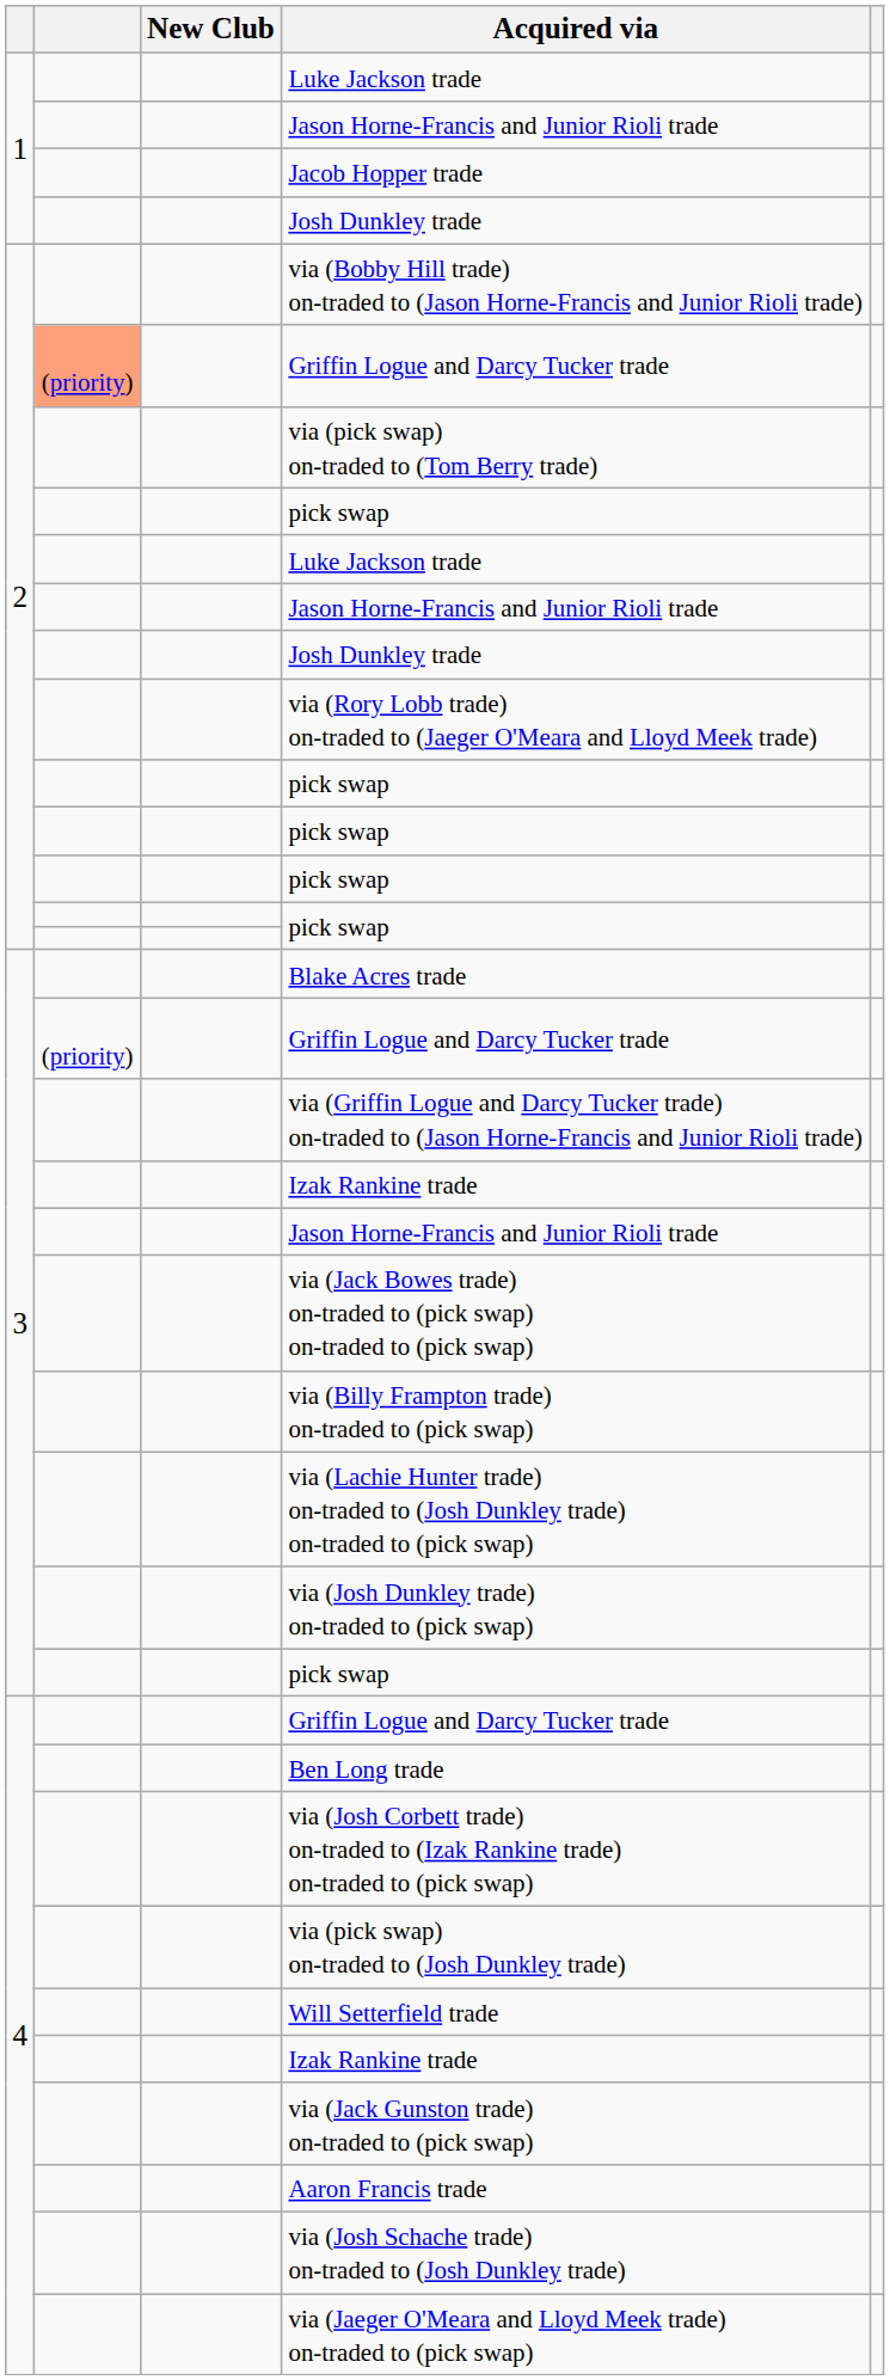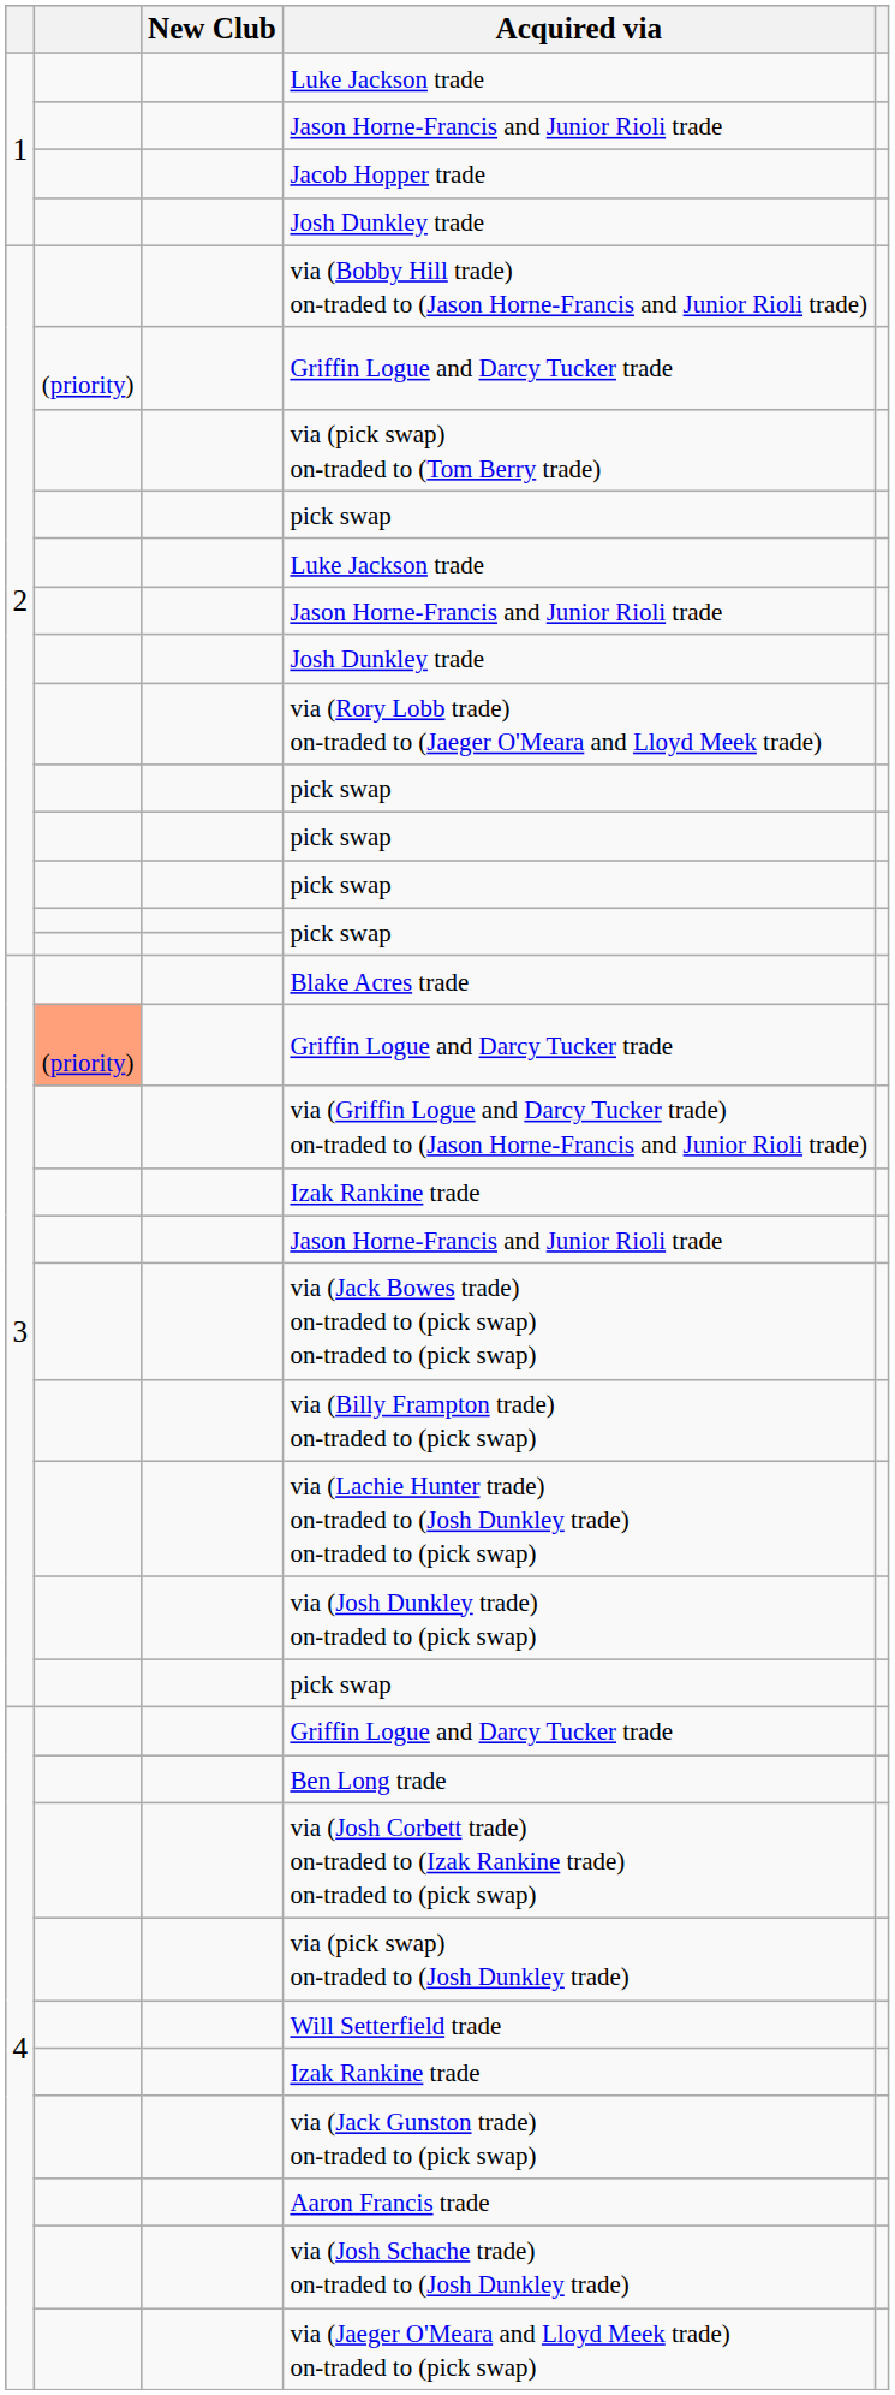 <table class="wikitable sortable plainrowheaders">
 <tr>
 <th scope="col"></th>
 <th scope="col"></th>
 <th scope="col">New Club</th>
 <th class="unsortable">Acquired via</th>
 <th class="unsortable"></th>
 </tr>
 <tr>
 <td rowspan=4>1</td>
 <td></td>
 <td></td>
 <td><small><a href='#'>Luke Jackson</a> trade</small></td>
 <td align=center></td>
 </tr>
 <tr>
 <td></td>
 <td></td>
 <td><small><a href='#'>Jason Horne-Francis</a> and <a href='#'>Junior Rioli</a> trade</small></td>
 <td align=center></td>
 </tr>
 <tr>
 <td></td>
 <td></td>
 <td><small><a href='#'>Jacob Hopper</a> trade</small></td>
 <td align=center></td>
 </tr>
 <tr>
 <td></td>
 <td></td>
 <td><small><a href='#'>Josh Dunkley</a> trade</small></td>
 <td align=center></td>
 </tr>
 <tr>
 <td rowspan=13>2</td>
 <td></td>
 <td></td>
 <td><small>via  (<a href='#'>Bobby Hill</a> trade)<br>on-traded to  (<a href='#'>Jason Horne-Francis</a> and <a href='#'>Junior Rioli</a> trade)</small></td>
 <td align=center><br></td>
 </tr>
 <tr>
-<td style="background: lightsalmon;"><br><small>(<a href='#'>priority</a>)</small></td>
+<td><br><small>(<a href='#'>priority</a>)</small></td>
 <td></td>
 <td><small><a href='#'>Griffin Logue</a> and <a href='#'>Darcy Tucker</a> trade</small></td>
 <td align=center></td>
 </tr>
 <tr>
 <td></td>
 <td></td>
 <td><small>via  (pick swap)<br>on-traded to  (<a href='#'>Tom Berry</a> trade)</small></td>
 <td align=center><br></td>
 </tr>
 <tr>
 <td></td>
 <td></td>
 <td><small>pick swap</small></td>
 <td align=center></td>
 </tr>
 <tr>
 <td></td>
 <td></td>
 <td><small><a href='#'>Luke Jackson</a> trade</small></td>
 <td align=center></td>
 </tr>
 <tr>
 <td></td>
 <td></td>
 <td><small><a href='#'>Jason Horne-Francis</a> and <a href='#'>Junior Rioli</a> trade</small></td>
 <td align=center></td>
 </tr>
 <tr>
 <td></td>
 <td></td>
 <td><small><a href='#'>Josh Dunkley</a> trade</small></td>
 <td align=center></td>
 </tr>
 <tr>
 <td></td>
 <td></td>
 <td><small>via  (<a href='#'>Rory Lobb</a> trade)<br>on-traded to  (<a href='#'>Jaeger O'Meara</a> and <a href='#'>Lloyd Meek</a> trade)</small></td>
 <td align=center><br></td>
 </tr>
 <tr>
 <td></td>
 <td></td>
 <td><small>pick swap</small></td>
 <td align=center></td>
 </tr>
 <tr>
 <td></td>
 <td></td>
 <td><small>pick swap</small></td>
 <td align=center></td>
 </tr>
 <tr>
 <td></td>
 <td></td>
 <td><small>pick swap</small></td>
 <td align=center></td>
 </tr>
 <tr>
 <td></td>
 <td></td>
 <td rowspan=2><small>pick swap</small></td>
 <td rowspan=2 align=center></td>
 </tr>
 <tr>
 <td></td>
 <td></td>
 </tr>
 <tr>
 <td rowspan=10>3</td>
 <td></td>
 <td></td>
 <td><small><a href='#'>Blake Acres</a> trade</small></td>
 <td align=center></td>
 </tr>
 <tr>
-<td><br><small>(<a href='#'>priority</a>)</small></td>
+<td style="background: lightsalmon;"><br><small>(<a href='#'>priority</a>)</small></td>
 <td></td>
 <td><small><a href='#'>Griffin Logue</a> and <a href='#'>Darcy Tucker</a> trade</small></td>
 <td align=center></td>
 </tr>
 <tr>
 <td></td>
 <td></td>
 <td><small>via  (<a href='#'>Griffin Logue</a> and <a href='#'>Darcy Tucker</a> trade)<br>on-traded to  (<a href='#'>Jason Horne-Francis</a> and <a href='#'>Junior Rioli</a> trade)</small></td>
 <td align=center><br></td>
 </tr>
 <tr>
 <td></td>
 <td></td>
 <td><small><a href='#'>Izak Rankine</a> trade</small></td>
 <td align=center></td>
 </tr>
 <tr>
 <td></td>
 <td></td>
 <td><small><a href='#'>Jason Horne-Francis</a> and <a href='#'>Junior Rioli</a> trade</small></td>
 <td align=center></td>
 </tr>
 <tr>
 <td></td>
 <td></td>
 <td><small>via  (<a href='#'>Jack Bowes</a> trade)<br>on-traded to  (pick swap)<br>on-traded to  (pick swap)</small></td>
 <td align=center><br><br></td>
 </tr>
 <tr>
 <td></td>
 <td></td>
 <td><small>via  (<a href='#'>Billy Frampton</a> trade)<br>on-traded to  (pick swap)</small></td>
 <td align=center><br></td>
 </tr>
 <tr>
 <td></td>
 <td></td>
 <td><small>via  (<a href='#'>Lachie Hunter</a> trade)<br>on-traded to  (<a href='#'>Josh Dunkley</a> trade)<br>on-traded to  (pick swap)</small></td>
 <td align=center><br><br></td>
 </tr>
 <tr>
 <td></td>
 <td></td>
 <td><small>via  (<a href='#'>Josh Dunkley</a> trade)<br>on-traded to  (pick swap)</small></td>
 <td align=center><br></td>
 </tr>
 <tr>
 <td></td>
 <td></td>
 <td><small>pick swap</small></td>
 <td align=center></td>
 </tr>
 <tr>
 <td rowspan=10>4</td>
 <td></td>
 <td></td>
 <td><small><a href='#'>Griffin Logue</a> and <a href='#'>Darcy Tucker</a> trade</small></td>
 <td align=center></td>
 </tr>
 <tr>
 <td></td>
 <td></td>
 <td><small><a href='#'>Ben Long</a> trade</small></td>
 <td align=center></td>
 </tr>
 <tr>
 <td></td>
 <td></td>
 <td><small>via  (<a href='#'>Josh Corbett</a> trade)<br>on-traded to  (<a href='#'>Izak Rankine</a> trade)<br>on-traded to  (pick swap)</small></td>
 <td align=center><br><br></td>
 </tr>
 <tr>
 <td></td>
 <td></td>
 <td><small>via  (pick swap)<br>on-traded to  (<a href='#'>Josh Dunkley</a> trade)</small></td>
 <td align=center><br></td>
 </tr>
 <tr>
 <td></td>
 <td></td>
 <td><small><a href='#'>Will Setterfield</a> trade</small></td>
 <td align=center></td>
 </tr>
 <tr>
 <td></td>
 <td></td>
 <td><small><a href='#'>Izak Rankine</a> trade</small></td>
 <td align=center></td>
 </tr>
 <tr>
 <td></td>
 <td></td>
 <td><small>via  (<a href='#'>Jack Gunston</a> trade)<br>on-traded to  (pick swap)</small></td>
 <td align=center><br></td>
 </tr>
 <tr>
 <td></td>
 <td></td>
 <td><small><a href='#'>Aaron Francis</a> trade</small></td>
 <td align=center></td>
 </tr>
 <tr>
 <td></td>
 <td></td>
 <td><small>via  (<a href='#'>Josh Schache</a> trade)<br>on-traded to  (<a href='#'>Josh Dunkley</a> trade)</small></td>
 <td align=center><br></td>
 </tr>
 <tr>
 <td></td>
 <td></td>
 <td><small>via  (<a href='#'>Jaeger O'Meara</a> and <a href='#'>Lloyd Meek</a> trade)<br>on-traded to  (pick swap)</small></td>
 <td align=center><br></td>
 </tr>
 </table>
